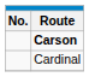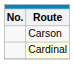 <table align=center class="wikitable">
 <tr>
 <th style="background: #0085CA; font-size:100%; color:#FFFFFF;"colspan="4"><a href='#'></a></th>
 </tr>
 <tr>
 <th>No.</th>
 <th>Route</th>
 </tr>
 <tr>
 <td></td>
-<td><strong>Carson</strong></td>
+<td>Carson</td>
 </tr>
 <tr>
 <td></td>
-<td>Cardinal</td>
+<td style="background: lightyellow;">Cardinal</td>
 </tr>
 <tr>
 </tr>
 </table>
